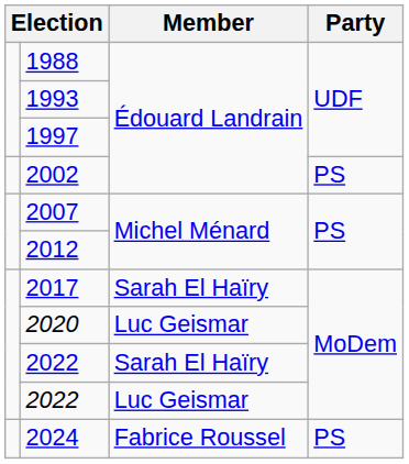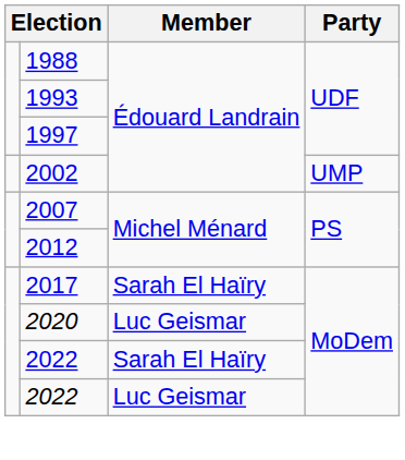 <table class="wikitable">
 <tr>
 <th colspan="2">Election</th>
 <th>Member</th>
 <th>Party</th>
 </tr>
 <tr>
 <td rowspan="3" style="color:inherit;background-color: "></td>
 <td><a href='#'>1988</a></td>
 <td rowspan="4"><a href='#'>Édouard Landrain</a></td>
 <td rowspan="3"><a href='#'>UDF</a></td>
 </tr>
 <tr>
 <td><a href='#'>1993</a></td>
 </tr>
 <tr>
 <td><a href='#'>1997</a></td>
 </tr>
 <tr>
 <td style="color:inherit;background-color: "></td>
 <td><a href='#'>2002</a></td>
-<td><a href='#'>PS</a></td>
+<td><a href='#'>UMP</a></td>
 </tr>
 <tr>
 <td rowspan="2" style="color:inherit;background-color: "></td>
 <td><a href='#'>2007</a></td>
 <td rowspan="2"><a href='#'>Michel Ménard</a></td>
 <td rowspan="2"><a href='#'>PS</a></td>
 </tr>
 <tr>
 <td><a href='#'>2012</a></td>
 </tr>
 <tr>
 <td rowspan="4" style="color:inherit;background-color: "></td>
 <td><a href='#'>2017</a></td>
 <td><a href='#'>Sarah El Haïry</a></td>
 <td rowspan="4"><a href='#'>MoDem</a></td>
 </tr>
 <tr>
 <td><em>2020</em></td>
 <td><a href='#'>Luc Geismar</a></td>
 </tr>
 <tr>
 <td><a href='#'>2022</a></td>
 <td><a href='#'>Sarah El Haïry</a></td>
 </tr>
 <tr>
 <td><em>2022</em></td>
 <td><a href='#'>Luc Geismar</a></td>
 </tr>
-<tr>
-<td style="color:inherit;background-color: "></td>
-<td><a href='#'>2024</a></td>
-<td><a href='#'>Fabrice Roussel</a></td>
-<td><a href='#'>PS</a></td>
-</tr>
 </table>
